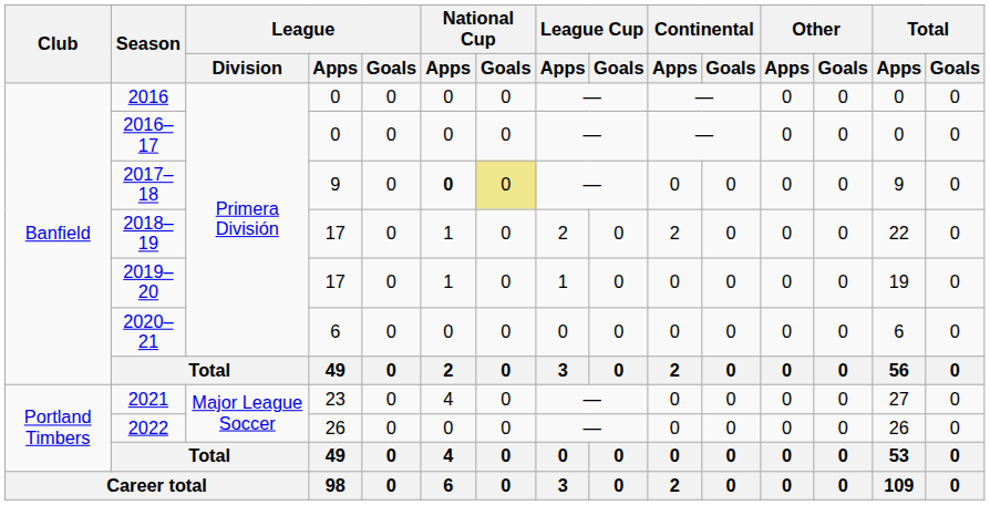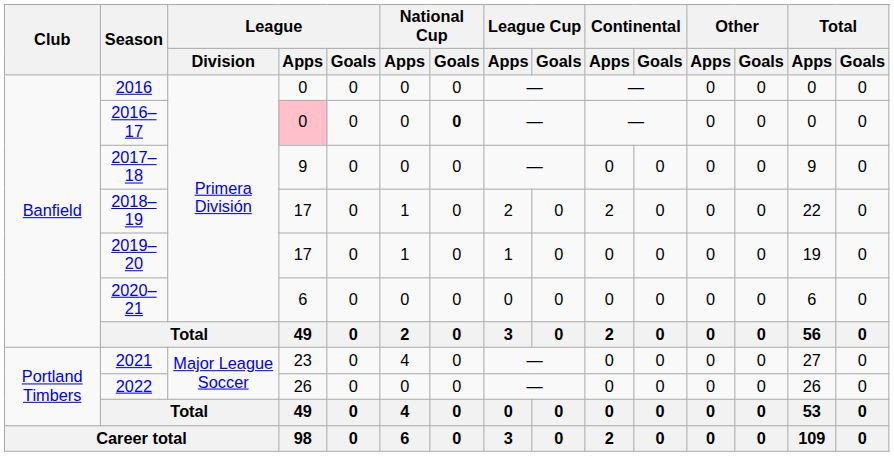 <table class="wikitable" style="text-align:center">
 <tr>
 <th rowspan="2">Club</th>
 <th rowspan="2">Season</th>
 <th colspan="3">League</th>
 <th colspan="2">National Cup</th>
 <th colspan="2">League Cup</th>
 <th colspan="2">Continental</th>
 <th colspan="2">Other</th>
 <th colspan="2">Total</th>
 </tr>
 <tr>
 <th>Division</th>
 <th>Apps</th>
 <th>Goals</th>
 <th>Apps</th>
 <th>Goals</th>
 <th>Apps</th>
 <th>Goals</th>
 <th>Apps</th>
 <th>Goals</th>
 <th>Apps</th>
 <th>Goals</th>
 <th>Apps</th>
 <th>Goals</th>
 </tr>
 <tr>
 <td rowspan="7"><a href='#'>Banfield</a></td>
 <td><a href='#'>2016</a></td>
 <td rowspan="6"><a href='#'>Primera División</a></td>
 <td>0</td>
 <td>0</td>
 <td>0</td>
 <td>0</td>
 <td colspan="2">—</td>
 <td colspan="2">—</td>
 <td>0</td>
 <td>0</td>
 <td>0</td>
 <td>0</td>
 </tr>
 <tr>
 <td><a href='#'>2016–17</a></td>
+<td style="background: pink;">0</td>
 <td>0</td>
 <td>0</td>
-<td>0</td>
-<td>0</td>
+<td><strong>0</strong></td>
 <td colspan="2">—</td>
 <td colspan="2">—</td>
 <td>0</td>
 <td>0</td>
 <td>0</td>
 <td>0</td>
 </tr>
 <tr>
 <td><a href='#'>2017–18</a></td>
 <td>9</td>
 <td>0</td>
-<td><strong>0</strong></td>
-<td style="background: khaki;">0</td>
+<td>0</td>
+<td>0</td>
 <td colspan="2">—</td>
 <td>0</td>
 <td>0</td>
 <td>0</td>
 <td>0</td>
 <td>9</td>
 <td>0</td>
 </tr>
 <tr>
 <td><a href='#'>2018–19</a></td>
 <td>17</td>
 <td>0</td>
 <td>1</td>
 <td>0</td>
 <td>2</td>
 <td>0</td>
 <td>2</td>
 <td>0</td>
 <td>0</td>
 <td>0</td>
 <td>22</td>
 <td>0</td>
 </tr>
 <tr>
 <td><a href='#'>2019–20</a></td>
 <td>17</td>
 <td>0</td>
 <td>1</td>
 <td>0</td>
 <td>1</td>
 <td>0</td>
 <td>0</td>
 <td>0</td>
 <td>0</td>
 <td>0</td>
 <td>19</td>
 <td>0</td>
 </tr>
 <tr>
 <td><a href='#'>2020–21</a></td>
 <td>6</td>
 <td>0</td>
 <td>0</td>
 <td>0</td>
 <td>0</td>
 <td>0</td>
 <td>0</td>
 <td>0</td>
 <td>0</td>
 <td>0</td>
 <td>6</td>
 <td>0</td>
 </tr>
 <tr>
 <th colspan="2">Total</th>
 <th>49</th>
 <th>0</th>
 <th>2</th>
 <th>0</th>
 <th>3</th>
 <th>0</th>
 <th>2</th>
 <th>0</th>
 <th>0</th>
 <th>0</th>
 <th>56</th>
 <th>0</th>
 </tr>
 <tr>
 <td rowspan="3"><a href='#'>Portland Timbers</a></td>
 <td><a href='#'>2021</a></td>
 <td rowspan="2"><a href='#'>Major League Soccer</a></td>
 <td>23</td>
 <td>0</td>
 <td>4</td>
 <td>0</td>
 <td colspan="2">—</td>
 <td>0</td>
 <td>0</td>
 <td>0</td>
 <td>0</td>
 <td>27</td>
 <td>0</td>
 </tr>
 <tr>
 <td><a href='#'>2022</a></td>
 <td>26</td>
 <td>0</td>
 <td>0</td>
 <td>0</td>
 <td colspan="2">—</td>
 <td>0</td>
 <td>0</td>
 <td>0</td>
 <td>0</td>
 <td>26</td>
 <td>0</td>
 </tr>
 <tr>
 <th colspan="2">Total</th>
 <th>49</th>
 <th>0</th>
 <th>4</th>
 <th>0</th>
 <th>0</th>
 <th>0</th>
 <th>0</th>
 <th>0</th>
 <th>0</th>
 <th>0</th>
 <th>53</th>
 <th>0</th>
 </tr>
 <tr>
 <th colspan="3">Career total</th>
 <th>98</th>
 <th>0</th>
 <th>6</th>
 <th>0</th>
 <th>3</th>
 <th>0</th>
 <th>2</th>
 <th>0</th>
 <th>0</th>
 <th>0</th>
 <th>109</th>
 <th>0</th>
 </tr>
 </table>
